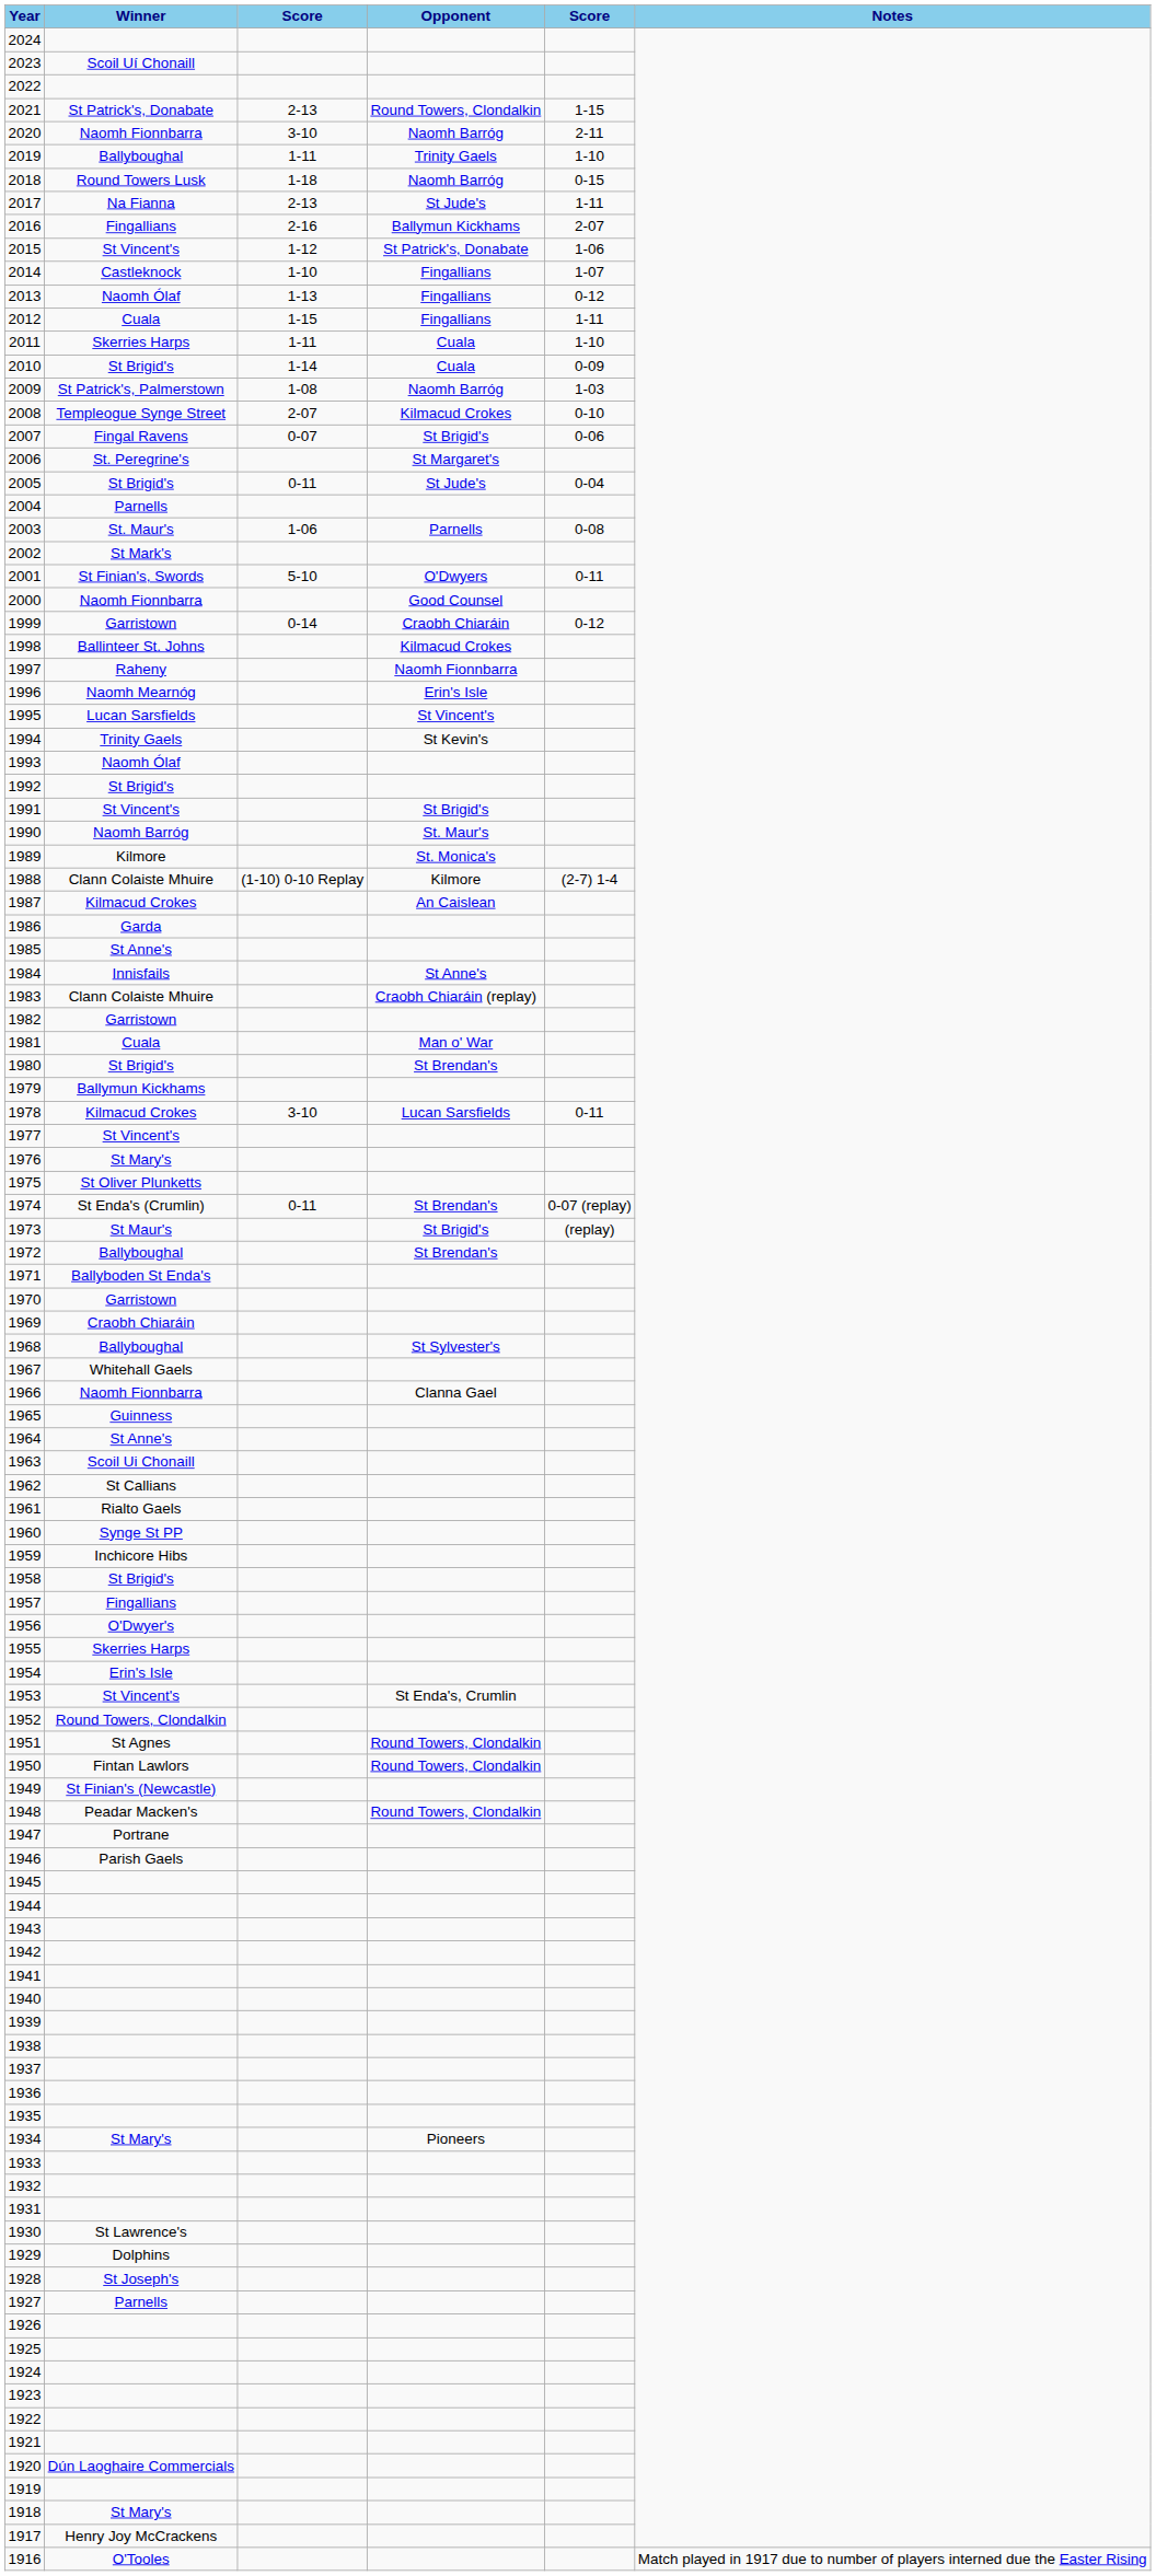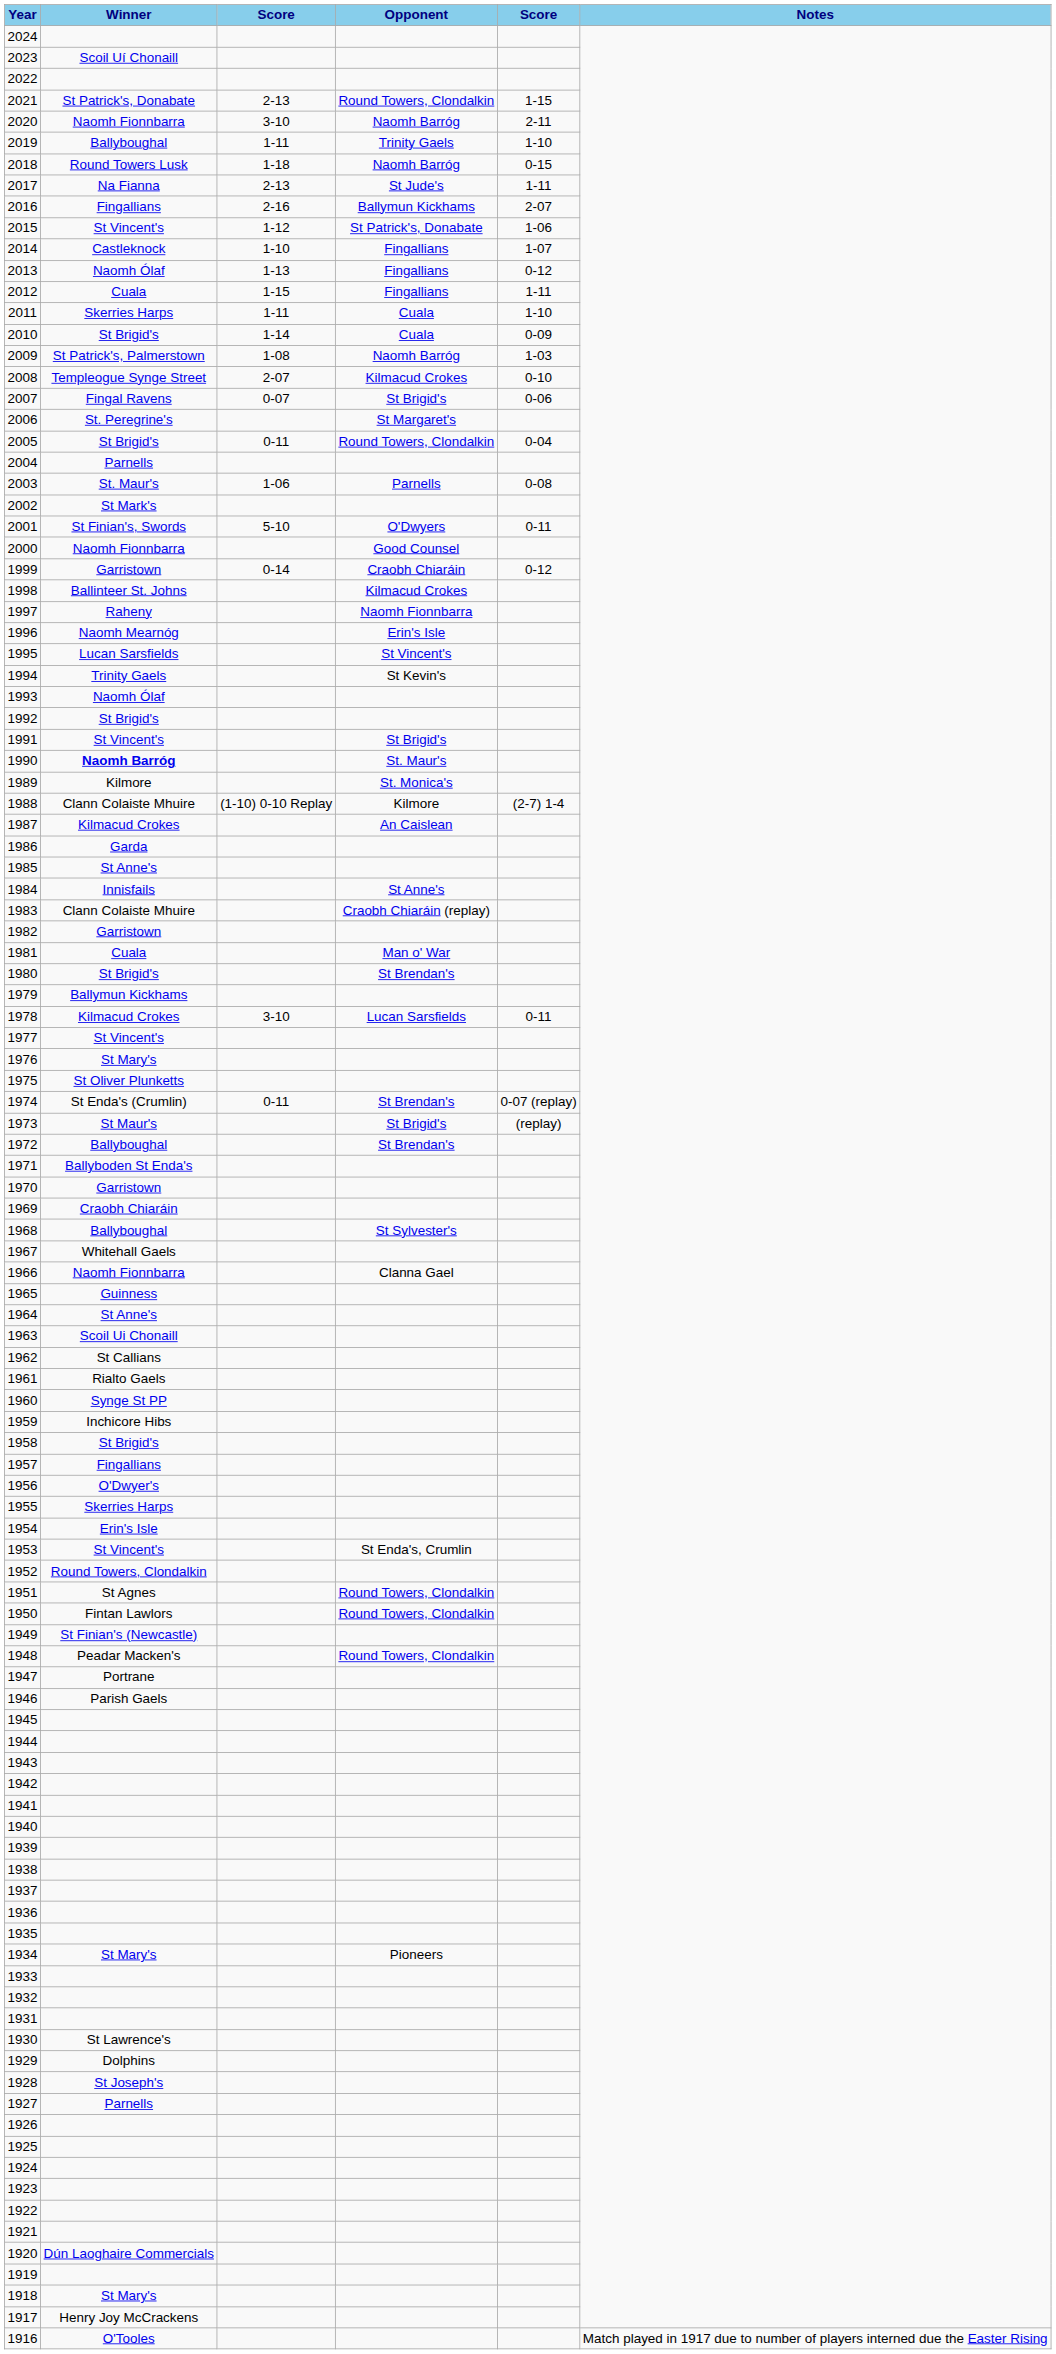 <table class="wikitable" style="text-align:center;">
 <tr>
 <th style="background:skyblue;color:navy;">Year</th>
 <th style="background:skyblue;color:navy;">Winner</th>
 <th style="background:skyblue;color:navy;">Score</th>
 <th style="background:skyblue;color:navy;">Opponent</th>
 <th style="background:skyblue;color:navy;">Score</th>
 <th style="background:skyblue;color:navy;">Notes</th>
 </tr>
 <tr>
 <td>2024</td>
 <td></td>
 <td></td>
 <td></td>
 <td></td>
 </tr>
 <tr>
 <td>2023</td>
 <td><a href='#'>Scoil Uí Chonaill</a></td>
 <td></td>
 <td></td>
 <td></td>
 </tr>
 <tr>
 <td>2022</td>
 <td></td>
 <td></td>
 <td></td>
 <td></td>
 </tr>
 <tr>
 <td>2021</td>
 <td><a href='#'>St Patrick's, Donabate</a></td>
 <td>2-13</td>
 <td><a href='#'>Round Towers, Clondalkin</a></td>
 <td>1-15</td>
 </tr>
 <tr>
 <td>2020</td>
 <td><a href='#'>Naomh Fionnbarra</a></td>
 <td>3-10</td>
 <td><a href='#'>Naomh Barróg</a></td>
 <td>2-11</td>
 </tr>
 <tr>
 <td>2019</td>
 <td><a href='#'>Ballyboughal</a></td>
 <td>1-11</td>
 <td><a href='#'>Trinity Gaels</a></td>
 <td>1-10</td>
 </tr>
 <tr>
 <td>2018</td>
 <td><a href='#'>Round Towers Lusk</a></td>
 <td>1-18</td>
 <td><a href='#'>Naomh Barróg</a></td>
 <td>0-15</td>
 </tr>
 <tr>
 <td>2017</td>
 <td><a href='#'>Na Fianna</a></td>
 <td>2-13</td>
 <td><a href='#'>St Jude's</a></td>
 <td>1-11</td>
 </tr>
 <tr>
 <td>2016</td>
 <td><a href='#'>Fingallians</a></td>
 <td>2-16</td>
 <td><a href='#'>Ballymun Kickhams</a></td>
 <td>2-07</td>
 </tr>
 <tr>
 <td>2015</td>
 <td><a href='#'>St Vincent's</a></td>
 <td>1-12</td>
 <td><a href='#'>St Patrick's, Donabate</a></td>
 <td>1-06</td>
 </tr>
 <tr>
 <td>2014</td>
 <td><a href='#'>Castleknock</a></td>
 <td>1-10</td>
 <td><a href='#'>Fingallians</a></td>
 <td>1-07</td>
 </tr>
 <tr>
 <td>2013</td>
 <td><a href='#'>Naomh Ólaf</a></td>
 <td>1-13</td>
 <td><a href='#'>Fingallians</a></td>
 <td>0-12</td>
 </tr>
 <tr>
 <td>2012</td>
 <td><a href='#'>Cuala</a></td>
 <td>1-15</td>
 <td><a href='#'>Fingallians</a></td>
 <td>1-11</td>
 </tr>
 <tr>
 <td>2011</td>
 <td><a href='#'>Skerries Harps</a></td>
 <td>1-11</td>
 <td><a href='#'>Cuala</a></td>
 <td>1-10</td>
 </tr>
 <tr>
 <td>2010</td>
 <td><a href='#'>St Brigid's</a></td>
 <td>1-14</td>
 <td><a href='#'>Cuala</a></td>
 <td>0-09</td>
 </tr>
 <tr>
 <td>2009</td>
 <td><a href='#'>St Patrick's, Palmerstown</a></td>
 <td>1-08</td>
 <td><a href='#'>Naomh Barróg</a></td>
 <td>1-03</td>
 </tr>
 <tr>
 <td>2008</td>
 <td><a href='#'>Templeogue Synge Street</a></td>
 <td>2-07</td>
 <td><a href='#'>Kilmacud Crokes</a></td>
 <td>0-10</td>
 </tr>
 <tr>
 <td>2007</td>
 <td><a href='#'>Fingal Ravens</a></td>
 <td>0-07</td>
 <td><a href='#'>St Brigid's</a></td>
 <td>0-06</td>
 </tr>
 <tr>
 <td>2006</td>
 <td><a href='#'>St. Peregrine's</a></td>
 <td></td>
 <td><a href='#'>St Margaret's</a></td>
 <td></td>
 </tr>
 <tr>
 <td>2005</td>
 <td><a href='#'>St Brigid's</a></td>
 <td>0-11</td>
-<td><a href='#'>St Jude's</a></td>
+<td><a href='#'>Round Towers, Clondalkin</a></td>
 <td>0-04</td>
 </tr>
 <tr>
 <td>2004</td>
 <td><a href='#'>Parnells</a></td>
 <td></td>
 <td></td>
 <td></td>
 </tr>
 <tr>
 <td>2003</td>
 <td><a href='#'>St. Maur's</a></td>
 <td>1-06</td>
 <td><a href='#'>Parnells</a></td>
 <td>0-08</td>
 </tr>
 <tr>
 <td>2002</td>
 <td><a href='#'>St Mark's</a></td>
 <td></td>
 <td></td>
 <td></td>
 </tr>
 <tr>
 <td>2001</td>
 <td><a href='#'>St Finian's, Swords</a></td>
 <td>5-10</td>
 <td><a href='#'>O'Dwyers</a></td>
 <td>0-11</td>
 </tr>
 <tr>
 <td>2000</td>
 <td><a href='#'>Naomh Fionnbarra</a></td>
 <td></td>
 <td><a href='#'>Good Counsel</a></td>
 <td></td>
 </tr>
 <tr>
 <td>1999</td>
 <td><a href='#'>Garristown</a></td>
 <td>0-14</td>
 <td><a href='#'>Craobh Chiaráin</a></td>
 <td>0-12</td>
 </tr>
 <tr>
 <td>1998</td>
 <td><a href='#'>Ballinteer St. Johns</a></td>
 <td></td>
 <td><a href='#'>Kilmacud Crokes</a></td>
 <td></td>
 </tr>
 <tr>
 <td>1997</td>
 <td><a href='#'>Raheny</a></td>
 <td></td>
 <td><a href='#'>Naomh Fionnbarra</a></td>
 <td></td>
 </tr>
 <tr>
 <td>1996</td>
 <td><a href='#'>Naomh Mearnóg</a></td>
 <td></td>
 <td><a href='#'>Erin's Isle</a></td>
 <td></td>
 </tr>
 <tr>
 <td>1995</td>
 <td><a href='#'>Lucan Sarsfields</a></td>
 <td></td>
 <td><a href='#'>St Vincent's</a></td>
 <td></td>
 </tr>
 <tr>
 <td>1994</td>
 <td><a href='#'>Trinity Gaels</a></td>
 <td></td>
 <td>St Kevin's</td>
 <td></td>
 </tr>
 <tr>
 <td>1993</td>
 <td><a href='#'>Naomh Ólaf</a></td>
 <td></td>
 <td></td>
 <td></td>
 </tr>
 <tr>
 <td>1992</td>
 <td><a href='#'>St Brigid's</a></td>
 <td></td>
 <td></td>
 <td></td>
 </tr>
 <tr>
 <td>1991</td>
 <td><a href='#'>St Vincent's</a></td>
 <td></td>
 <td><a href='#'>St Brigid's</a></td>
 <td></td>
 </tr>
 <tr>
 <td>1990</td>
-<td><a href='#'>Naomh Barróg</a></td>
+<td><strong><a href='#'>Naomh Barróg</a></strong></td>
 <td></td>
 <td><a href='#'>St. Maur's</a></td>
 <td></td>
 </tr>
 <tr>
 <td>1989</td>
 <td>Kilmore</td>
 <td></td>
 <td><a href='#'>St. Monica's</a></td>
 <td></td>
 </tr>
 <tr>
 <td>1988</td>
 <td>Clann Colaiste Mhuire</td>
 <td>(1-10) 0-10 Replay</td>
 <td>Kilmore</td>
 <td>(2-7) 1-4</td>
 </tr>
 <tr>
 <td>1987</td>
 <td><a href='#'>Kilmacud Crokes</a></td>
 <td></td>
 <td><a href='#'>An Caislean</a></td>
 <td></td>
 </tr>
 <tr>
 <td>1986</td>
 <td><a href='#'>Garda</a></td>
 <td></td>
 <td></td>
 <td></td>
 </tr>
 <tr>
 <td>1985</td>
 <td><a href='#'>St Anne's</a></td>
 <td></td>
 <td></td>
 <td></td>
 </tr>
 <tr>
 <td>1984</td>
 <td><a href='#'>Innisfails</a></td>
 <td></td>
 <td><a href='#'>St Anne's</a></td>
 <td></td>
 </tr>
 <tr>
 <td>1983</td>
 <td>Clann Colaiste Mhuire</td>
 <td></td>
 <td><a href='#'>Craobh Chiaráin</a> (replay)</td>
 <td></td>
 </tr>
 <tr>
 <td>1982</td>
 <td><a href='#'>Garristown</a></td>
 <td></td>
 <td></td>
 <td></td>
 </tr>
 <tr>
 <td>1981</td>
 <td><a href='#'>Cuala</a></td>
 <td></td>
 <td><a href='#'>Man o' War</a></td>
 <td></td>
 </tr>
 <tr>
 <td>1980</td>
 <td><a href='#'>St Brigid's</a></td>
 <td></td>
 <td><a href='#'>St Brendan's</a></td>
 <td></td>
 </tr>
 <tr>
 <td>1979</td>
 <td><a href='#'>Ballymun Kickhams</a></td>
 <td></td>
 <td></td>
 <td></td>
 </tr>
 <tr>
 <td>1978</td>
 <td><a href='#'>Kilmacud Crokes</a></td>
 <td>3-10</td>
 <td><a href='#'>Lucan Sarsfields</a></td>
 <td>0-11</td>
 </tr>
 <tr>
 <td>1977</td>
 <td><a href='#'>St Vincent's</a></td>
 <td></td>
 <td></td>
 <td></td>
 </tr>
 <tr>
 <td>1976</td>
 <td><a href='#'>St Mary's</a></td>
 <td></td>
 <td></td>
 <td></td>
 </tr>
 <tr>
 <td>1975</td>
 <td><a href='#'>St Oliver Plunketts</a></td>
 <td></td>
 <td></td>
 <td></td>
 </tr>
 <tr>
 <td>1974</td>
 <td>St Enda's (Crumlin)</td>
 <td>0-11</td>
 <td><a href='#'>St Brendan's</a></td>
 <td>0-07 (replay)</td>
 </tr>
 <tr>
 <td>1973</td>
 <td><a href='#'>St Maur's</a></td>
 <td></td>
 <td><a href='#'>St Brigid's</a></td>
 <td>(replay)</td>
 </tr>
 <tr>
 <td>1972</td>
 <td><a href='#'>Ballyboughal</a></td>
 <td></td>
 <td><a href='#'>St Brendan's</a></td>
 <td></td>
 </tr>
 <tr>
 <td>1971</td>
 <td><a href='#'>Ballyboden St Enda's</a></td>
 <td></td>
 <td></td>
 <td></td>
 </tr>
 <tr>
 <td>1970</td>
 <td><a href='#'>Garristown</a></td>
 <td></td>
 <td></td>
 <td></td>
 </tr>
 <tr>
 <td>1969</td>
 <td><a href='#'>Craobh Chiaráin</a></td>
 <td></td>
 <td></td>
 <td></td>
 </tr>
 <tr>
 <td>1968</td>
 <td><a href='#'>Ballyboughal</a></td>
 <td></td>
 <td><a href='#'>St Sylvester's</a></td>
 <td></td>
 </tr>
 <tr>
 <td>1967</td>
 <td>Whitehall Gaels</td>
 <td></td>
 <td></td>
 <td></td>
 </tr>
 <tr>
 <td>1966</td>
 <td><a href='#'>Naomh Fionnbarra</a></td>
 <td></td>
 <td>Clanna Gael</td>
 <td></td>
 </tr>
 <tr>
 <td>1965</td>
 <td><a href='#'>Guinness</a></td>
 <td></td>
 <td></td>
 <td></td>
 </tr>
 <tr>
 <td>1964</td>
 <td><a href='#'>St Anne's</a></td>
 <td></td>
 <td></td>
 <td></td>
 </tr>
 <tr>
 <td>1963</td>
 <td><a href='#'>Scoil Ui Chonaill</a></td>
 <td></td>
 <td></td>
 <td></td>
 </tr>
 <tr>
 <td>1962</td>
 <td>St Callians</td>
 <td></td>
 <td></td>
 <td></td>
 </tr>
 <tr>
 <td>1961</td>
 <td>Rialto Gaels</td>
 <td></td>
 <td></td>
 <td></td>
 </tr>
 <tr>
 <td>1960</td>
 <td><a href='#'>Synge St PP</a></td>
 <td></td>
 <td></td>
 <td></td>
 </tr>
 <tr>
 <td>1959</td>
 <td>Inchicore Hibs</td>
 <td></td>
 <td></td>
 <td></td>
 </tr>
 <tr>
 <td>1958</td>
 <td><a href='#'>St Brigid's</a></td>
 <td></td>
 <td></td>
 <td></td>
 </tr>
 <tr>
 <td>1957</td>
 <td><a href='#'>Fingallians</a></td>
 <td></td>
 <td></td>
 <td></td>
 </tr>
 <tr>
 <td>1956</td>
 <td><a href='#'>O'Dwyer's</a></td>
 <td></td>
 <td></td>
 <td></td>
 </tr>
 <tr>
 <td>1955</td>
 <td><a href='#'>Skerries Harps</a></td>
 <td></td>
 <td></td>
 <td></td>
 </tr>
 <tr>
 <td>1954</td>
 <td><a href='#'>Erin's Isle</a></td>
 <td></td>
 <td></td>
 <td></td>
 </tr>
 <tr>
 <td>1953</td>
 <td><a href='#'>St Vincent's</a></td>
 <td></td>
 <td>St Enda's, Crumlin</td>
 <td></td>
 </tr>
 <tr>
 <td>1952</td>
 <td><a href='#'>Round Towers, Clondalkin</a></td>
 <td></td>
 <td></td>
 <td></td>
 </tr>
 <tr>
 <td>1951</td>
 <td>St Agnes</td>
 <td></td>
 <td><a href='#'>Round Towers, Clondalkin</a></td>
 <td></td>
 </tr>
 <tr>
 <td>1950</td>
 <td>Fintan Lawlors</td>
 <td></td>
 <td><a href='#'>Round Towers, Clondalkin</a></td>
 <td></td>
 </tr>
 <tr>
 <td>1949</td>
 <td><a href='#'>St Finian's (Newcastle)</a></td>
 <td></td>
 <td></td>
 <td></td>
 </tr>
 <tr>
 <td>1948</td>
 <td>Peadar Macken's</td>
 <td></td>
 <td><a href='#'>Round Towers, Clondalkin</a></td>
 <td></td>
 </tr>
 <tr>
 <td>1947</td>
 <td>Portrane</td>
 <td></td>
 <td></td>
 <td></td>
 </tr>
 <tr>
 <td>1946</td>
 <td>Parish Gaels</td>
 <td></td>
 <td></td>
 <td></td>
 </tr>
 <tr>
 <td>1945</td>
 <td></td>
 <td></td>
 <td></td>
 <td></td>
 </tr>
 <tr>
 <td>1944</td>
 <td></td>
 <td></td>
 <td></td>
 <td></td>
 </tr>
 <tr>
 <td>1943</td>
 <td></td>
 <td></td>
 <td></td>
 <td></td>
 </tr>
 <tr>
 <td>1942</td>
 <td></td>
 <td></td>
 <td></td>
 <td></td>
 </tr>
 <tr>
 <td>1941</td>
 <td></td>
 <td></td>
 <td></td>
 <td></td>
 </tr>
 <tr>
 <td>1940</td>
 <td></td>
 <td></td>
 <td></td>
 <td></td>
 </tr>
 <tr>
 <td>1939</td>
 <td></td>
 <td></td>
 <td></td>
 <td></td>
 </tr>
 <tr>
 <td>1938</td>
 <td></td>
 <td></td>
 <td></td>
 <td></td>
 </tr>
 <tr>
 <td>1937</td>
 <td></td>
 <td></td>
 <td></td>
 <td></td>
 </tr>
 <tr>
 <td>1936</td>
 <td></td>
 <td></td>
 <td></td>
 <td></td>
 </tr>
 <tr>
 <td>1935</td>
 <td></td>
 <td></td>
 <td></td>
 <td></td>
 </tr>
 <tr>
 <td>1934</td>
 <td><a href='#'>St Mary's</a></td>
 <td></td>
 <td>Pioneers</td>
 <td></td>
 </tr>
 <tr>
 <td>1933</td>
 <td></td>
 <td></td>
 <td></td>
 <td></td>
 </tr>
 <tr>
 <td>1932</td>
 <td></td>
 <td></td>
 <td></td>
 <td></td>
 </tr>
 <tr>
 <td>1931</td>
 <td></td>
 <td></td>
 <td></td>
 <td></td>
 </tr>
 <tr>
 <td>1930</td>
 <td>St Lawrence's</td>
 <td></td>
 <td></td>
 <td></td>
 </tr>
 <tr>
 <td>1929</td>
 <td>Dolphins</td>
 <td></td>
 <td></td>
 <td></td>
 </tr>
 <tr>
 <td>1928</td>
 <td><a href='#'>St Joseph's</a></td>
 <td></td>
 <td></td>
 <td></td>
 </tr>
 <tr>
 <td>1927</td>
 <td><a href='#'>Parnells</a></td>
 <td></td>
 <td></td>
 <td></td>
 </tr>
 <tr>
 <td>1926</td>
 <td></td>
 <td></td>
 <td></td>
 <td></td>
 </tr>
 <tr>
 <td>1925</td>
 <td></td>
 <td></td>
 <td></td>
 <td></td>
 </tr>
 <tr>
 <td>1924</td>
 <td></td>
 <td></td>
 <td></td>
 <td></td>
 </tr>
 <tr>
 <td>1923</td>
 <td></td>
 <td></td>
 <td></td>
 <td></td>
 </tr>
 <tr>
 <td>1922</td>
 <td></td>
 <td></td>
 <td></td>
 <td></td>
 </tr>
 <tr>
 <td>1921</td>
 <td></td>
 <td></td>
 <td></td>
 <td></td>
 </tr>
 <tr>
 <td>1920</td>
 <td><a href='#'>Dún Laoghaire Commercials</a></td>
 <td></td>
 <td></td>
 <td></td>
 </tr>
 <tr>
 <td>1919</td>
 <td></td>
 <td></td>
 <td></td>
 <td></td>
 </tr>
 <tr>
 <td>1918</td>
 <td><a href='#'>St Mary's</a></td>
 <td></td>
 <td></td>
 <td></td>
 </tr>
 <tr>
 <td>1917</td>
 <td>Henry Joy McCrackens</td>
 <td></td>
 <td></td>
 <td></td>
 </tr>
 <tr>
 <td>1916</td>
 <td><a href='#'>O'Tooles</a></td>
 <td></td>
 <td></td>
 <td></td>
 <td>Match played in 1917 due to number of players interned due the <a href='#'>Easter Rising</a></td>
 </tr>
 </table>
